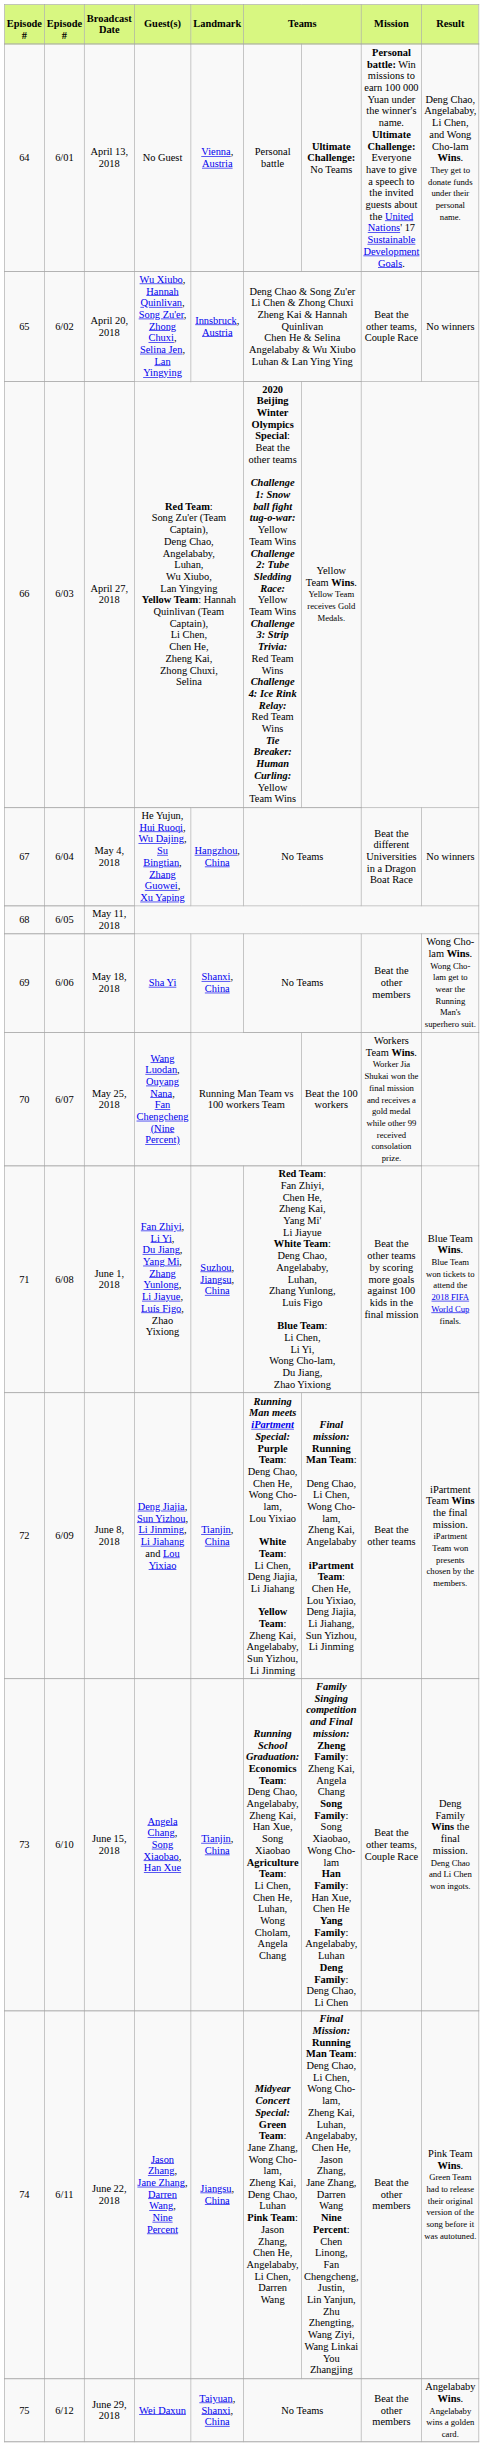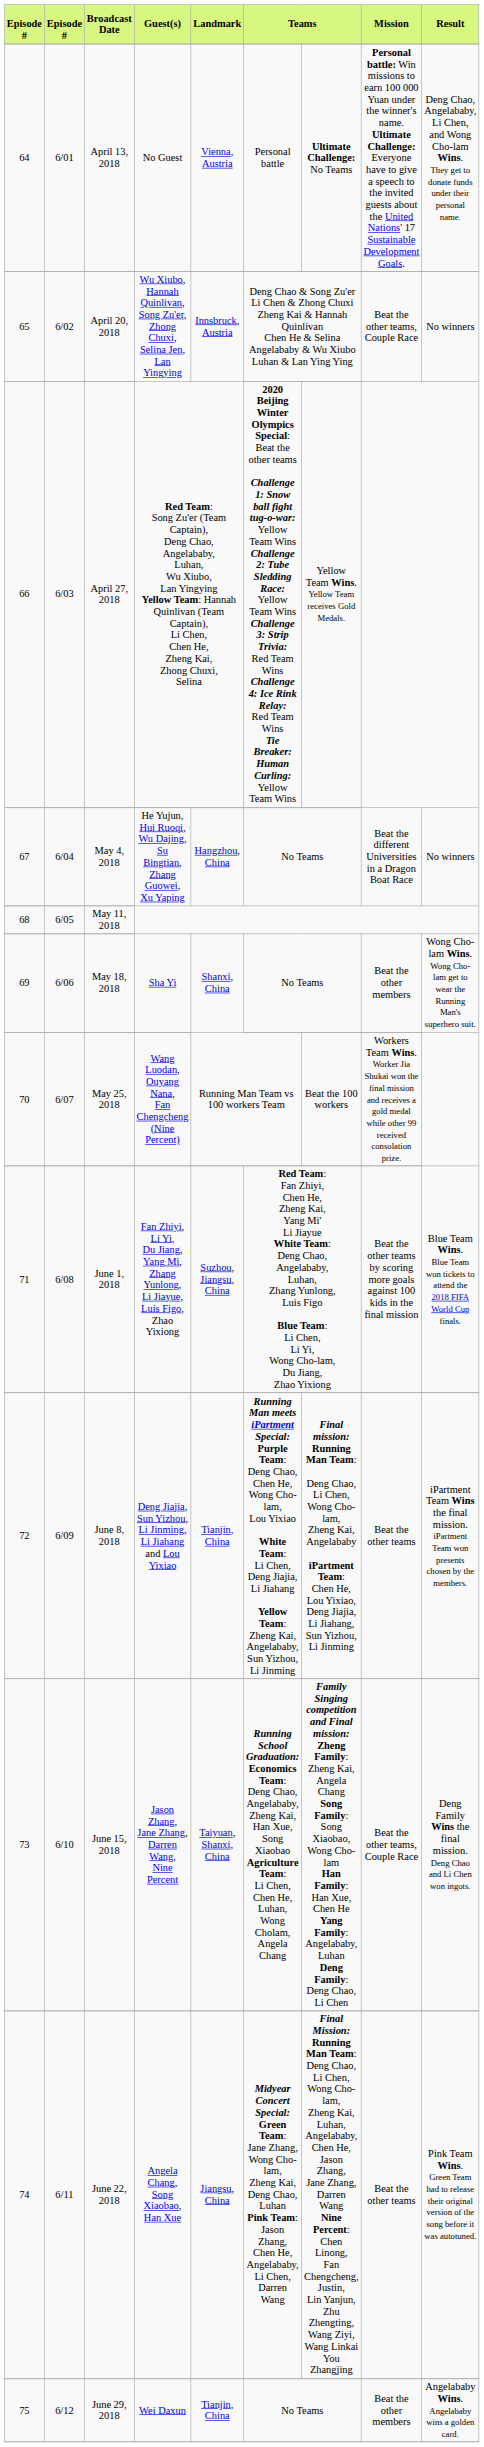 <table class="wikitable">
 <tr>
 <th style="background:#D8F781"><br>Episode #</th>
 <th style="background:#D8F781"><br>Episode #</th>
 <th style="background:#D8F781">Broadcast Date</th>
 <th style="background:#D8F781">Guest(s)</th>
 <th style="background:#D8F781">Landmark</th>
 <th style="background:#D8F781" colspan="2">Teams</th>
 <th style="background:#D8F781">Mission</th>
 <th style="background:#D8F781">Result</th>
 </tr>
 <tr>
 </tr>
 <tr style="text-align:center;">
 <td>64</td>
 <td>6/01</td>
 <td>April 13, 2018</td>
 <td>No Guest</td>
 <td><a href='#'>Vienna</a>, <a href='#'>Austria</a></td>
 <td>Personal battle</td>
 <td><strong>Ultimate Challenge:</strong><br>No Teams</td>
 <td><strong>Personal battle:</strong> Win missions to earn 100 000 Yuan under the winner's name.<br> <strong>Ultimate Challenge:</strong> Everyone have to give a speech to the invited guests about the <a href='#'>United Nations</a>' 17 <a href='#'>Sustainable Development Goals</a>.</td>
 <td>Deng Chao, Angelababy, Li Chen, and Wong Cho-lam <strong>Wins</strong>.<br><small>They get to donate funds under their personal name.</small></td>
 </tr>
 <tr>
 </tr>
 <tr style="text-align:center;">
 <td>65</td>
 <td>6/02</td>
 <td>April 20, 2018</td>
 <td rowspan=2><a href='#'>Wu Xiubo</a>,<br><a href='#'>Hannah Quinlivan</a>,<br><a href='#'>Song Zu'er</a>,<br><a href='#'>Zhong Chuxi</a>,<br><a href='#'>Selina Jen</a>,<br><a href='#'>Lan Yingying</a></td>
 <td rowspan=2><a href='#'>Innsbruck</a>, <a href='#'>Austria</a></td>
 <td colspan="2">Deng Chao & Song Zu'er<br>Li Chen & Zhong Chuxi<br>Zheng Kai & Hannah Quinlivan<br>Chen He & Selina<br>Angelababy & Wu Xiubo<br>Luhan & Lan Ying Ying</td>
 <td colpan=2>Beat the other teams,<br>Couple Race</td>
 <td>No winners</td>
 </tr>
 <tr>
 </tr>
 <tr style="text-align:center;">
 <td>66</td>
 <td>6/03</td>
 <td>April 27, 2018</td>
 <td colspan="2"><span><strong>Red Team</strong></span>:<br>Song Zu'er (Team Captain),<br>Deng Chao,<br>Angelababy,<br>Luhan,<br>Wu Xiubo,<br>Lan Yingying<br> <span><strong>Yellow Team</strong></span>: Hannah Quinlivan (Team Captain),<br>Li Chen,<br>Chen He,<br>Zheng Kai,<br>Zhong Chuxi,<br>Selina</td>
 <td><strong>2020 Beijing Winter Olympics Special</strong>:<br>Beat the other teams<br><br> <strong><em>Challenge 1: Snow ball fight tug-o-war:</em></strong><br> Yellow Team Wins <br>  <strong><em>Challenge 2: Tube Sledding Race:</em></strong><br> Yellow Team Wins <br>  <strong><em>Challenge 3: Strip Trivia:</em></strong><br> Red Team Wins <br>  <strong><em>Challenge 4: Ice Rink Relay:</em></strong><br> Red Team Wins <br>  <strong><em>Tie Breaker: Human Curling:</em></strong><br> Yellow Team Wins</td>
 <td>Yellow Team <strong>Wins</strong>.<br><small>Yellow Team receives Gold Medals.</small></td>
 </tr>
 <tr>
 </tr>
 <tr style="text-align:center;">
 <td>67</td>
 <td>6/04</td>
 <td>May 4, 2018</td>
 <td rowspan="2">He Yujun,<br><a href='#'>Hui Ruoqi</a>,<br><a href='#'>Wu Dajing</a>,<br><a href='#'>Su Bingtian</a>,<br><a href='#'>Zhang Guowei</a>,<br><a href='#'>Xu Yaping</a></td>
 <td rowspan="2"><a href='#'>Hangzhou</a>, <a href='#'>China</a></td>
 <td colspan="2" rowspan="2">No Teams</td>
 <td rowspan="2">Beat the different Universities in a Dragon Boat Race</td>
 <td rowspan="2">No winners</td>
 </tr>
 <tr>
 </tr>
 <tr style="text-align:center;">
 <td>68</td>
 <td>6/05</td>
 <td>May 11, 2018</td>
 </tr>
 <tr>
 </tr>
 <tr style="text-align:center;">
 <td>69</td>
 <td>6/06</td>
 <td>May 18, 2018</td>
 <td rowspan="1"><a href='#'>Sha Yi</a></td>
 <td rowspan="2"><a href='#'>Shanxi</a>, <a href='#'>China</a></td>
 <td colspan="2" rowspan="1">No Teams</td>
 <td colspan="1">Beat the other members</td>
 <td rowspan="1">Wong Cho-lam <strong>Wins</strong>.<br><small>Wong Cho-lam get to wear the Running Man's superhero suit.</small></td>
 </tr>
 <tr>
 </tr>
 <tr style="text-align:center;">
 <td>70</td>
 <td>6/07</td>
 <td>May 25, 2018</td>
 <td><a href='#'>Wang Luodan</a>,<br><a href='#'>Ouyang Nana</a>,<br><a href='#'>Fan Chengcheng (Nine Percent)</a></td>
 <td colspan="2">Running Man Team vs 100 workers Team</td>
 <td>Beat the 100 workers</td>
 <td>Workers Team <strong>Wins</strong>.<br><small>Worker Jia Shukai won the final mission and receives a gold medal while other 99 received consolation prize.</small></td>
 </tr>
 <tr>
 </tr>
 <tr style="text-align:center;">
 <td>71</td>
 <td>6/08</td>
 <td>June 1, 2018</td>
 <td><a href='#'>Fan Zhiyi</a>,<br><a href='#'>Li Yi</a>,<br><a href='#'>Du Jiang</a>,<br><a href='#'>Yang Mi</a>,<br><a href='#'>Zhang Yunlong</a>,<br><a href='#'>Li Jiayue</a>,<br><a href='#'>Luís Figo</a>,<br>Zhao Yixiong</td>
 <td><a href='#'>Suzhou</a>, <a href='#'>Jiangsu</a>, <a href='#'>China</a></td>
 <td colspan="2"><span><strong>Red Team</strong></span>:<br>Fan Zhiyi,<br>Chen He,<br>Zheng Kai,<br>Yang Mi'<br>Li Jiayue<br> <span><strong>White Team</strong></span>:<br> Deng Chao,<br>Angelababy,<br>Luhan,<br>Zhang Yunlong,<br>Luis Figo<br> <br> <span><strong>Blue Team</strong></span>:<br> Li Chen,<br>Li Yi,<br>Wong Cho-lam,<br>Du Jiang,<br>Zhao Yixiong</td>
 <td>Beat the other teams by scoring more goals against 100 kids in the final mission</td>
 <td>Blue Team <strong>Wins</strong>.<br><small>Blue Team won tickets to attend the <a href='#'>2018 FIFA World Cup</a> finals.</small></td>
 </tr>
 <tr>
 </tr>
 <tr style="text-align:center;">
 <td>72</td>
 <td>6/09</td>
 <td>June 8, 2018</td>
 <td><a href='#'>Deng Jiajia</a>,<br><a href='#'>Sun Yizhou</a>,<br><a href='#'>Li Jinming</a>,<br><a href='#'>Li Jiahang</a> and <a href='#'>Lou Yixiao</a></td>
 <td><a href='#'>Tianjin</a>, <a href='#'>China</a></td>
 <td><strong><em>Running Man meets <a href='#'>iPartment</a> Special:</em></strong>  <span><strong>Purple Team</strong></span>:<br>Deng Chao,<br>Chen He,<br>Wong Cho-lam,<br>Lou Yixiao<br> <br> <span><strong>White Team</strong></span>:<br> Li Chen,<br>Deng Jiajia,<br>Li Jiahang<br> <br> <span><strong>Yellow Team</strong></span>:<br> Zheng Kai,<br>Angelababy,<br>Sun Yizhou,<br>Li Jinming</td>
 <td><strong><em>Final mission:</em></strong>  <span><strong>Running Man Team</strong></span>:<br><br>Deng Chao,<br>Li Chen,<br>Wong Cho-lam,<br>Zheng Kai,<br>Angelababy<br> <br> <span><strong>iPartment Team</strong></span>:<br> Chen He,<br>Lou Yixiao,<br>Deng Jiajia,<br>Li Jiahang,<br>Sun Yizhou,<br>Li Jinming</td>
 <td>Beat the other teams</td>
 <td>iPartment Team <strong>Wins</strong> the final mission.<br><small>iPartment Team won presents chosen by the members.</small></td>
 </tr>
 <tr>
 </tr>
 <tr style="text-align:center;">
 <td>73</td>
 <td>6/10</td>
 <td>June 15, 2018</td>
-<td><a href='#'>Angela Chang</a>,<br><a href='#'>Song Xiaobao</a>,<br><a href='#'>Han Xue</a></td>
-<td><a href='#'>Tianjin</a>, <a href='#'>China</a></td>
+<td><a href='#'>Jason Zhang</a>,<br><a href='#'>Jane Zhang</a>,<br><a href='#'>Darren Wang</a>,<br><a href='#'>Nine Percent</a></td>
+<td><a href='#'>Taiyuan</a>, <a href='#'>Shanxi</a>, <a href='#'>China</a></td>
 <td><strong><em>Running School Graduation:</em></strong><br><span><strong>Economics Team</strong></span>:<br> Deng Chao,<br> Angelababy,<br>Zheng Kai,<br> Han Xue,<br> Song Xiaobao <br>  <span><strong>Agriculture Team</strong></span>:<br> Li Chen,<br> Chen He,<br> Luhan,<br> Wong Cholam,<br> Angela Chang</td>
 <td><strong><em>Family Singing competition and Final mission:</em></strong><br><span><strong>Zheng Family</strong></span>:<br> Zheng Kai,<br>Angela Chang <br> <span><strong>Song Family</strong></span>:<br> Song Xiaobao,<br>Wong Cho-lam <br> <span><strong>Han Family</strong></span>:<br> Han Xue,<br>Chen He <br> <span><strong>Yang Family</strong></span>:<br> Angelababy,<br>Luhan <br> <span><strong>Deng Family</strong></span>:<br> Deng Chao,<br>Li Chen</td>
 <td colpan=2>Beat the other teams,<br>Couple Race</td>
 <td>Deng Family <strong>Wins</strong> the final mission.<br><small>Deng Chao and Li Chen won ingots.</small></td>
 </tr>
 <tr>
 </tr>
 <tr style="text-align:center;">
 <td>74</td>
 <td>6/11</td>
 <td>June 22, 2018</td>
-<td><a href='#'>Jason Zhang</a>,<br><a href='#'>Jane Zhang</a>,<br><a href='#'>Darren Wang</a>,<br><a href='#'>Nine Percent</a></td>
+<td><a href='#'>Angela Chang</a>,<br><a href='#'>Song Xiaobao</a>,<br><a href='#'>Han Xue</a></td>
 <td><a href='#'>Jiangsu</a>, <a href='#'>China</a></td>
 <td><strong><em>Midyear Concert Special:</em></strong><br><span><strong>Green Team</strong></span>: <br> Jane Zhang,<br>Wong Cho-lam,<br>Zheng Kai,<br>Deng Chao,<br>Luhan<br> <span><strong>Pink Team</strong></span>: <br> Jason Zhang,<br>Chen He,<br>Angelababy,<br>Li Chen,<br>Darren Wang</td>
 <td><strong><em>Final Mission:</em></strong><br><span><strong>Running Man Team</strong></span>: <br> Deng Chao,<br>Li Chen,<br>Wong Cho-lam,<br>Zheng Kai,<br>Luhan,<br>Angelababy,<br>Chen He,<br>Jason Zhang,<br>Jane Zhang,<br>Darren Wang<br> <span><strong>Nine Percent</strong></span>: <br> Chen Linong,<br>Fan Chengcheng,<br>Justin,<br>Lin Yanjun,<br>Zhu Zhengting,<br>Wang Ziyi,<br>Wang Linkai<br>You Zhangjing</td>
-<td colspan="1">Beat the other members</td>
+<td>Beat the other teams</td>
 <td>Pink Team <strong>Wins</strong>.<br><small>Green Team had to release their original version of the song before it was autotuned.</small></td>
 </tr>
 <tr>
 </tr>
 <tr style="text-align:center;">
 <td>75</td>
 <td>6/12</td>
 <td>June 29, 2018</td>
 <td><a href='#'>Wei Daxun</a></td>
-<td><a href='#'>Taiyuan</a>, <a href='#'>Shanxi</a>, <a href='#'>China</a></td>
+<td><a href='#'>Tianjin</a>, <a href='#'>China</a></td>
 <td colspan="2">No Teams</td>
 <td>Beat the other members</td>
 <td>Angelababy <strong>Wins</strong>.<br><small>Angelababy wins a golden card.</small></td>
 </tr>
 <tr>
 </tr>
 </table>
